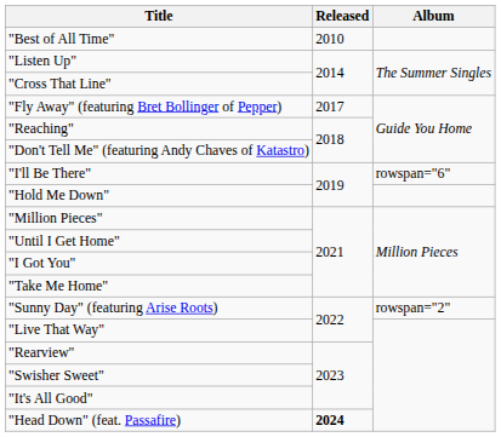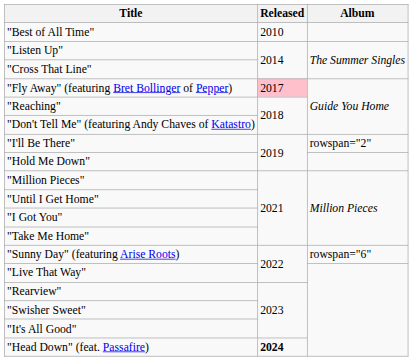 <table class="wikitable">
 <tr>
 <th>Title</th>
 <th>Released</th>
 <th>Album</th>
 </tr>
 <tr>
 <td>"Best of All Time"</td>
 <td>2010</td>
 <td></td>
 </tr>
 <tr>
 <td>"Listen Up"</td>
 <td rowspan="2">2014</td>
 <td rowspan="2"><em>The Summer Singles</em></td>
 </tr>
 <tr>
 <td>"Cross That Line"</td>
 </tr>
 <tr>
 <td>"Fly Away" (featuring <a href='#'>Bret Bollinger</a> of <a href='#'>Pepper</a>)</td>
-<td>2017</td>
+<td style="background: pink;">2017</td>
 <td rowspan="3"><em>Guide You Home</em></td>
 </tr>
 <tr>
 <td>"Reaching"</td>
 <td rowspan="2">2018</td>
 </tr>
 <tr>
 <td>"Don't Tell Me" (featuring Andy Chaves of <a href='#'>Katastro</a>)</td>
 </tr>
 <tr>
 <td>"I'll Be There"</td>
 <td rowspan="2">2019</td>
-<td>rowspan="6" </td>
+<td>rowspan="2" </td>
 </tr>
 <tr>
 <td>"Hold Me Down"</td>
 </tr>
 <tr>
 <td>"Million Pieces"</td>
 <td rowspan="4">2021</td>
 <td rowspan="4"><em>Million Pieces</em></td>
 </tr>
 <tr>
 <td>"Until I Get Home"</td>
 </tr>
 <tr>
 <td>"I Got You"</td>
 </tr>
 <tr>
 <td>"Take Me Home"</td>
 </tr>
 <tr>
 <td>"Sunny Day" (featuring <a href='#'>Arise Roots</a>)</td>
 <td rowspan="2">2022</td>
-<td>rowspan="2" </td>
+<td>rowspan="6" </td>
 </tr>
 <tr>
 <td>"Live That Way"</td>
 </tr>
 <tr>
 <td>"Rearview"</td>
 <td rowspan="3">2023</td>
 </tr>
 <tr>
 <td>"Swisher Sweet"</td>
 </tr>
 <tr>
 <td>"It's All Good"</td>
 </tr>
 <tr>
 <td>"Head Down" (feat. <a href='#'>Passafire</a>)</td>
 <td><strong>2024</strong></td>
 </tr>
 </table>
